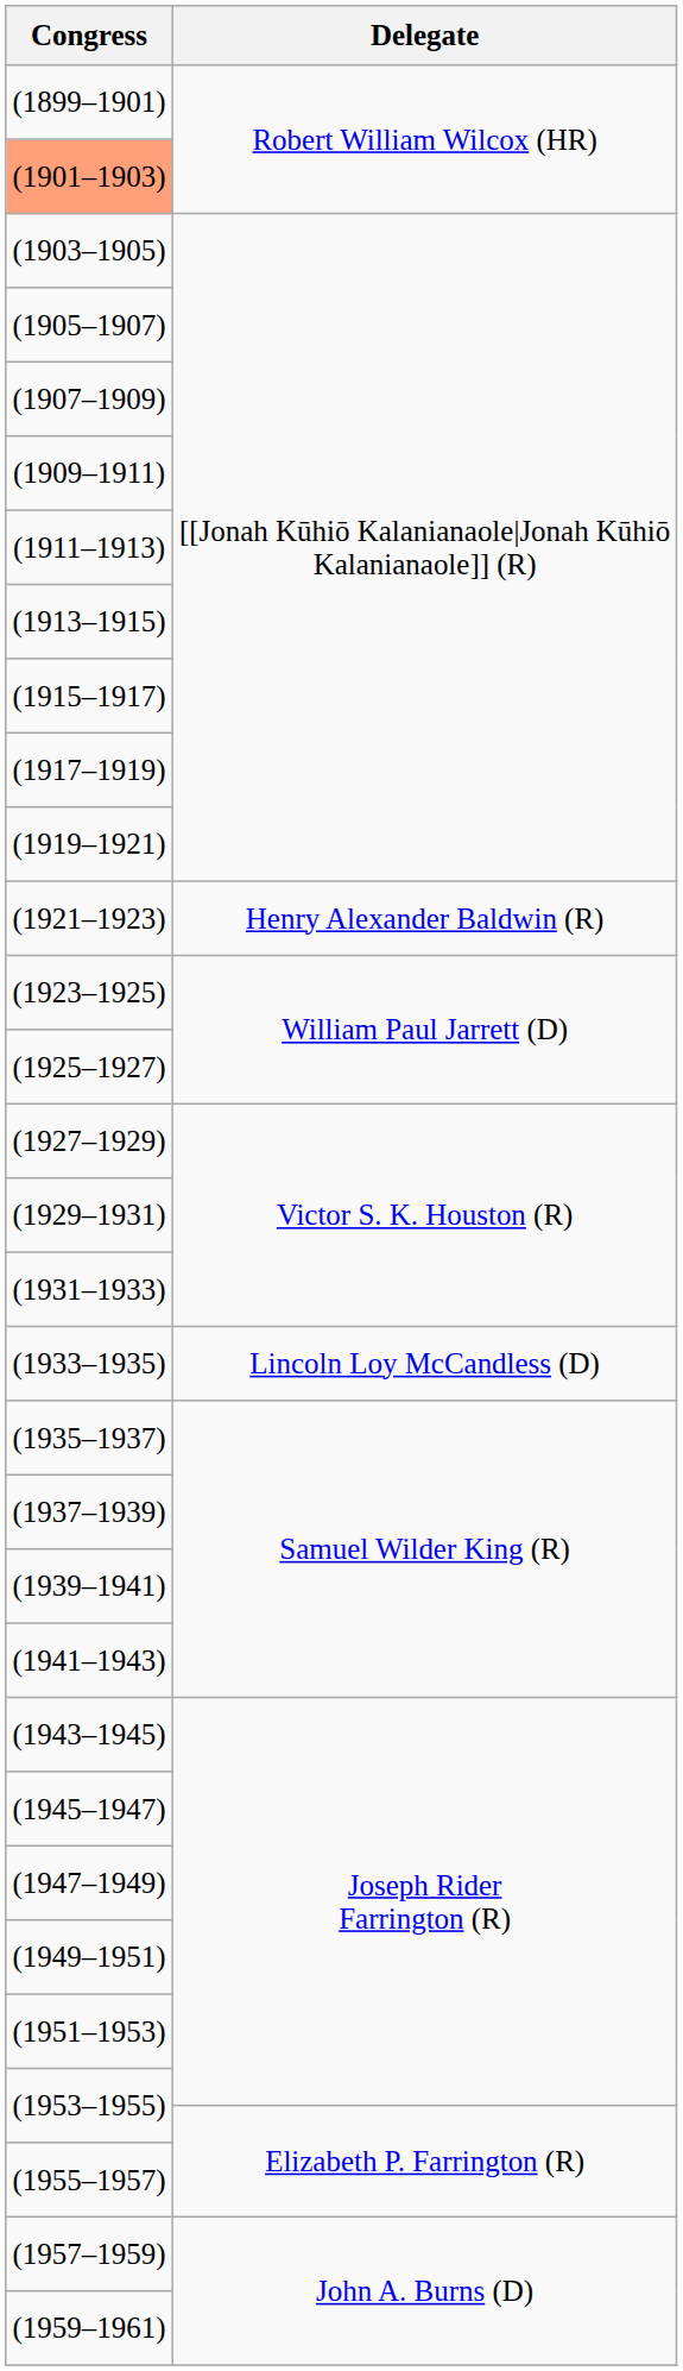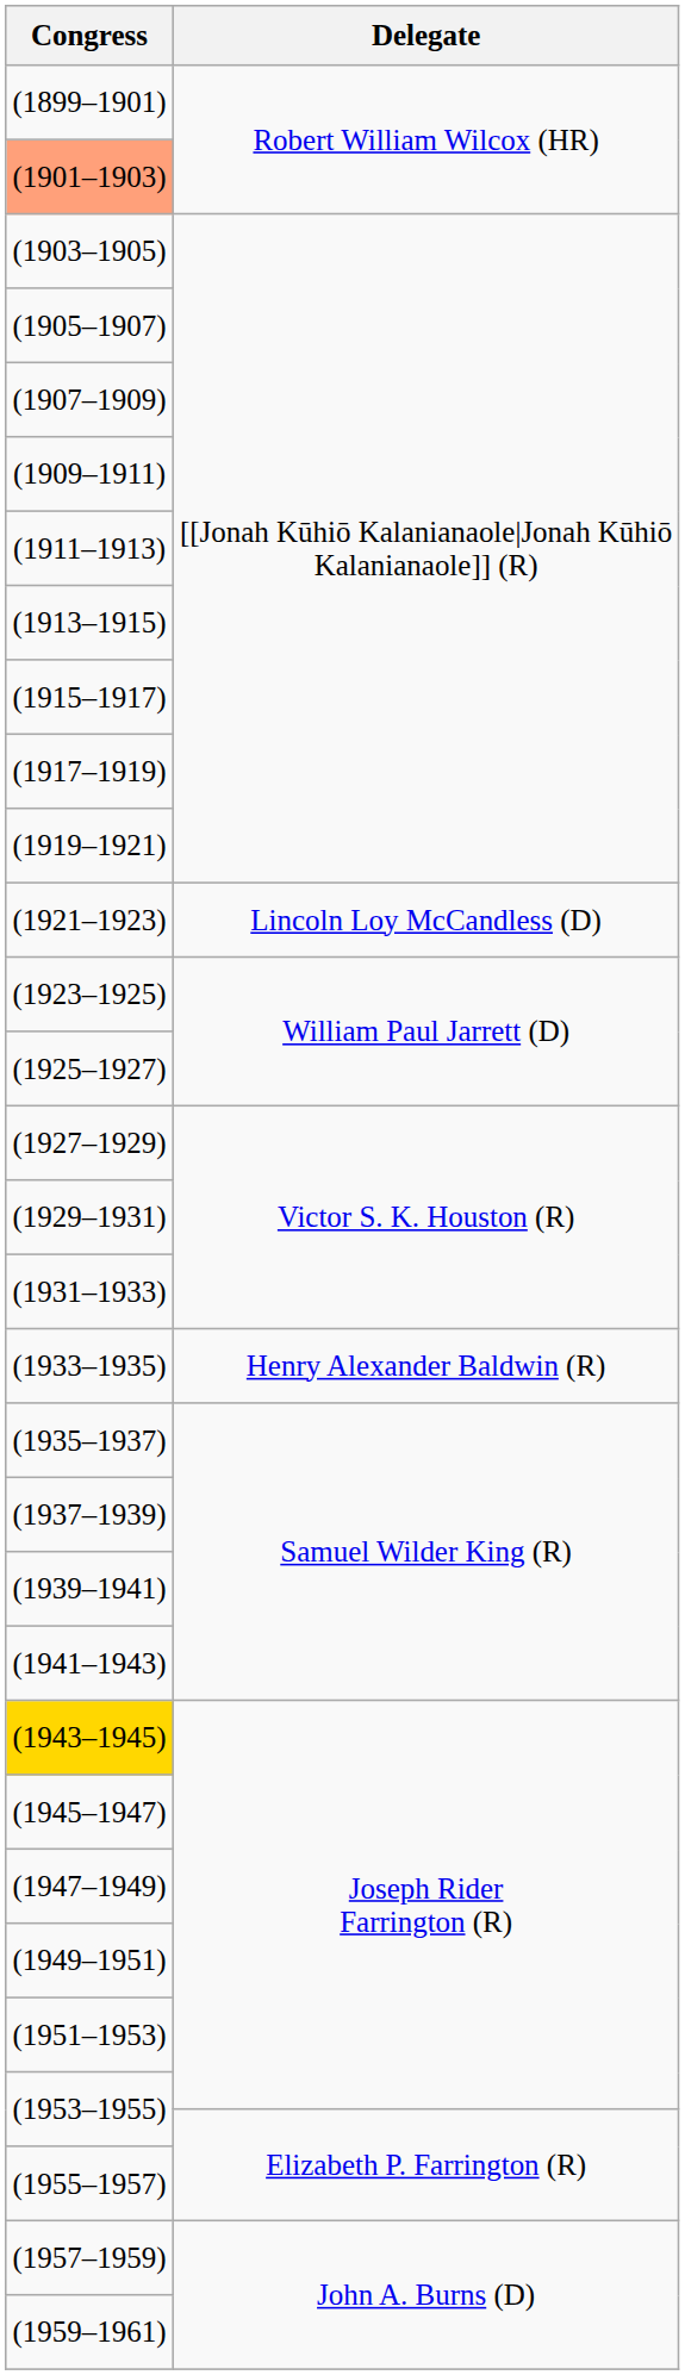 <table class=wikitable style="text-align:center">
 <tr style="height:2em">
 <th scope=col>Congress</th>
 <th>Delegate</th>
 </tr>
 <tr style="height:2.5em">
 <td><strong></strong> (1899–1901)</td>
 <td rowspan=2 ><a href='#'>Robert William Wilcox</a> (HR)</td>
 </tr>
 <tr style="height:2.5em">
 <td style="background: lightsalmon;"><strong></strong> (1901–1903)</td>
 </tr>
 <tr style="height:2.5em">
 <td><strong></strong> (1903–1905)</td>
 <td rowspan=9 >[[Jonah Kūhiō Kalanianaole|Jonah Kūhiō<br>Kalanianaole]] (R)</td>
 </tr>
 <tr style="height:2.5em">
 <td><strong></strong> (1905–1907)</td>
 </tr>
 <tr style="height:2.5em">
 <td><strong></strong> (1907–1909)</td>
 </tr>
 <tr style="height:2.5em">
 <td><strong></strong> (1909–1911)</td>
 </tr>
 <tr style="height:2.5em">
 <td><strong></strong> (1911–1913)</td>
 </tr>
 <tr style="height:2.5em">
 <td><strong></strong> (1913–1915)</td>
 </tr>
 <tr style="height:2.5em">
 <td><strong></strong> (1915–1917)</td>
 </tr>
 <tr style="height:2.5em">
 <td><strong></strong> (1917–1919)</td>
 </tr>
 <tr style="height:2.5em">
 <td><strong></strong> (1919–1921)</td>
 </tr>
 <tr style="height:2.5em">
 <td><strong></strong> (1921–1923)</td>
-<td><a href='#'>Henry Alexander Baldwin</a> (R)</td>
+<td><a href='#'>Lincoln Loy McCandless</a> (D)</td>
 </tr>
 <tr style="height:2.5em">
 <td><strong></strong> (1923–1925)</td>
 <td rowspan=2 ><a href='#'>William Paul Jarrett</a> (D)</td>
 </tr>
 <tr style="height:2.5em">
 <td><strong></strong> (1925–1927)</td>
 </tr>
 <tr style="height:2.5em">
 <td><strong></strong> (1927–1929)</td>
 <td rowspan=3 ><a href='#'>Victor S. K. Houston</a> (R)</td>
 </tr>
 <tr style="height:2.5em">
 <td><strong></strong> (1929–1931)</td>
 </tr>
 <tr style="height:2.5em">
 <td><strong></strong> (1931–1933)</td>
 </tr>
 <tr style="height:2.5em">
 <td><strong></strong> (1933–1935)</td>
-<td><a href='#'>Lincoln Loy McCandless</a> (D)</td>
+<td><a href='#'>Henry Alexander Baldwin</a> (R)</td>
 </tr>
 <tr style="height:2.5em">
 <td><strong></strong> (1935–1937)</td>
 <td rowspan=4 ><a href='#'>Samuel Wilder King</a> (R)</td>
 </tr>
 <tr style="height:2.5em">
 <td><strong></strong> (1937–1939)</td>
 </tr>
 <tr style="height:2.5em">
 <td><strong></strong> (1939–1941)</td>
 </tr>
 <tr style="height:2.5em">
 <td><strong></strong> (1941–1943)</td>
 </tr>
 <tr style="height:2.5em">
-<td><strong></strong> (1943–1945)</td>
+<td style="background: gold;"><strong></strong> (1943–1945)</td>
 <td rowspan=6 ><a href='#'>Joseph Rider<br>Farrington</a> (R)</td>
 </tr>
 <tr style="height:2.5em">
 <td><strong></strong> (1945–1947)</td>
 </tr>
 <tr style="height:2.5em">
 <td><strong></strong> (1947–1949)</td>
 </tr>
 <tr style="height:2.5em">
 <td><strong></strong> (1949–1951)</td>
 </tr>
 <tr style="height:2.5em">
 <td><strong></strong> (1951–1953)</td>
 </tr>
 <tr style="height:1.25em">
 <td rowspan=2><strong></strong> (1953–1955)</td>
 </tr>
 <tr style="height:1.25em">
 <td rowspan=2 ><a href='#'>Elizabeth P. Farrington</a> (R)</td>
 </tr>
 <tr style="height:2.5em">
 <td><strong></strong> (1955–1957)</td>
 </tr>
 <tr style="height:2.5em">
 <td><strong></strong> (1957–1959)</td>
 <td rowspan=2 ><a href='#'>John A. Burns</a> (D)</td>
 </tr>
 <tr style="height:2.5em">
 <td><strong></strong> (1959–1961)</td>
 </tr>
 </table>
